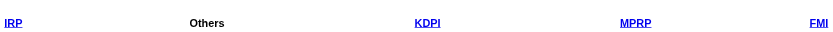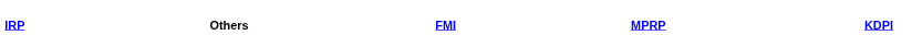 <table style="width:70%; text-align:center;">
 <tr style="color:white;">
 <td style="background:"><strong>55</strong></td>
 <td style="background:"><strong>7</strong></td>
+<td style="background:"><strong>6</strong></td>
+<td style="background:"><strong>4</strong></td>
 <td style="background:"><strong>1</strong></td>
-<td style="background:"><strong>4</strong></td>
-<td style="background:"><strong>6</strong></td>
 </tr>
 <tr>
 <td><strong><a href='#'>IRP</a></strong></td>
 <td><strong>Others</strong></td>
+<td><strong><a href='#'>FMI</a></strong></td>
+<td><strong><a href='#'>MPRP</a></strong></td>
 <td><strong><a href='#'>KDPI</a></strong></td>
-<td><strong><a href='#'>MPRP</a></strong></td>
-<td><strong><a href='#'>FMI</a></strong></td>
 </tr>
 </table>
